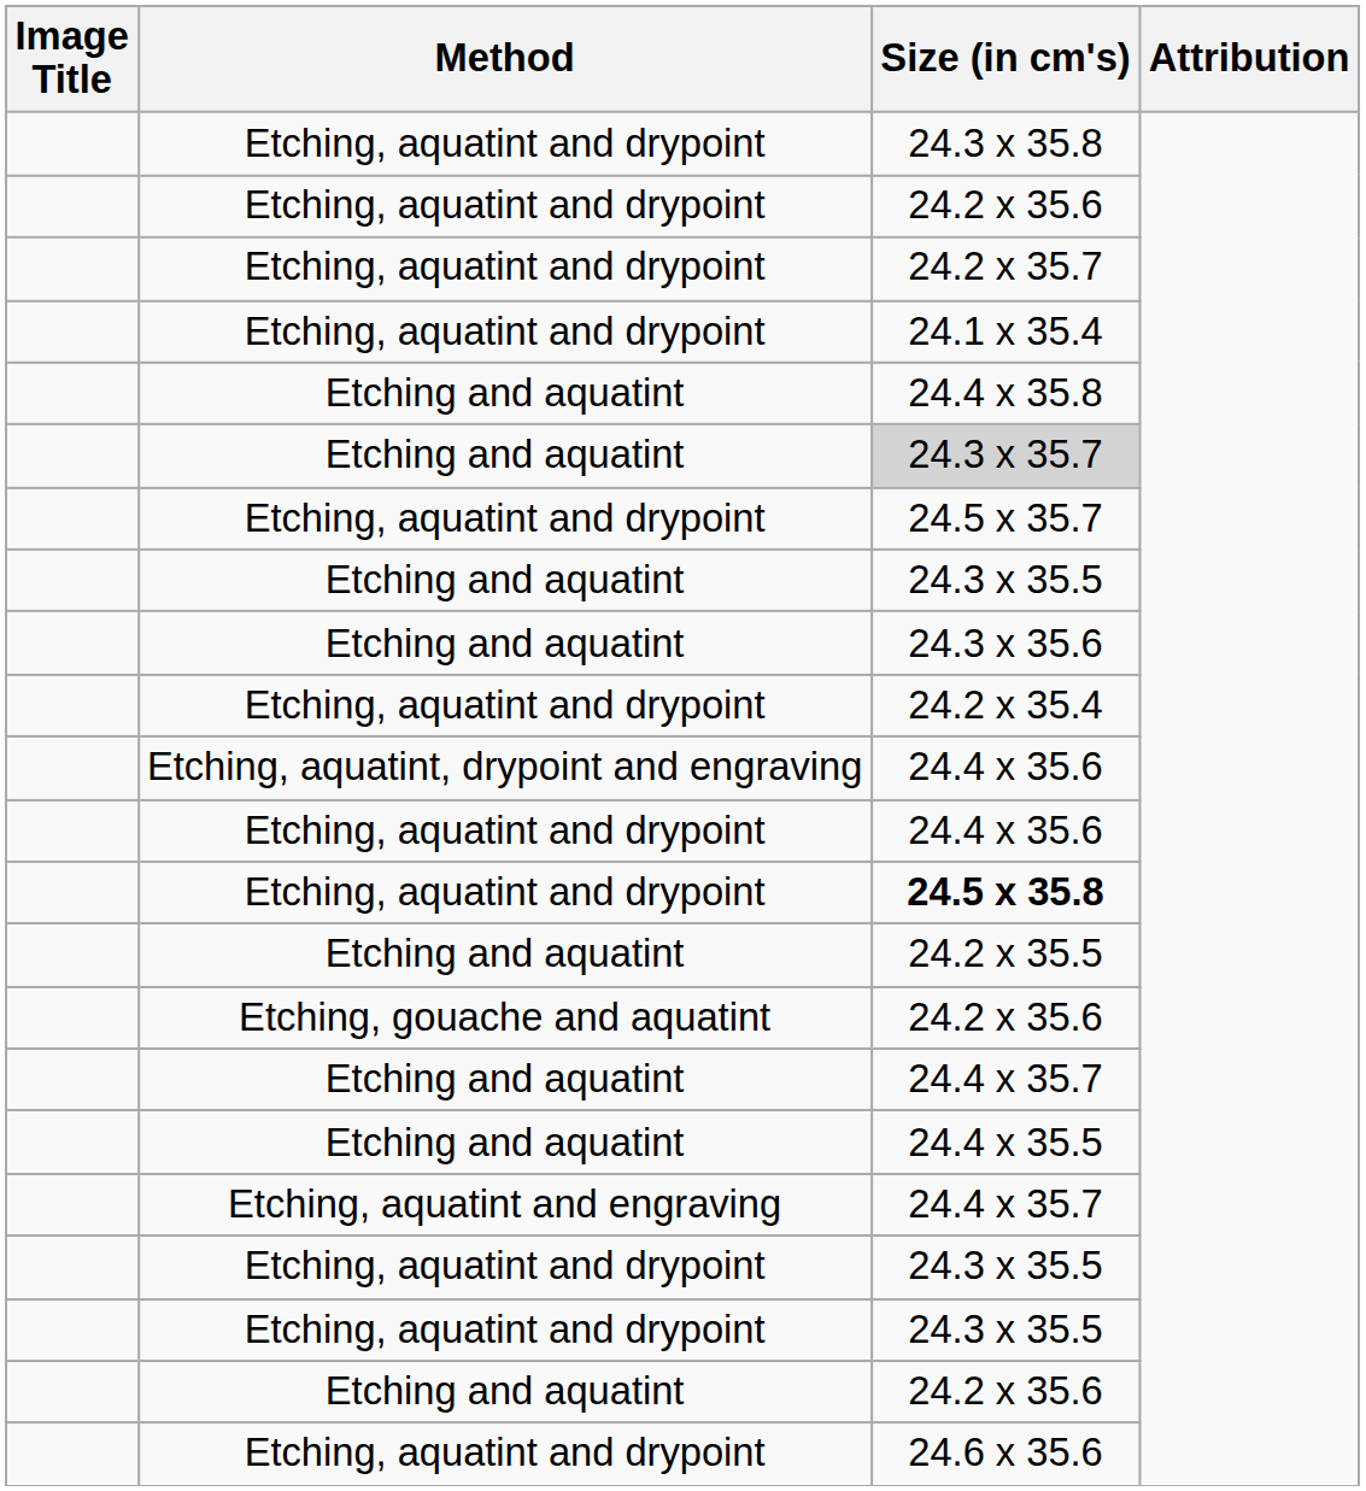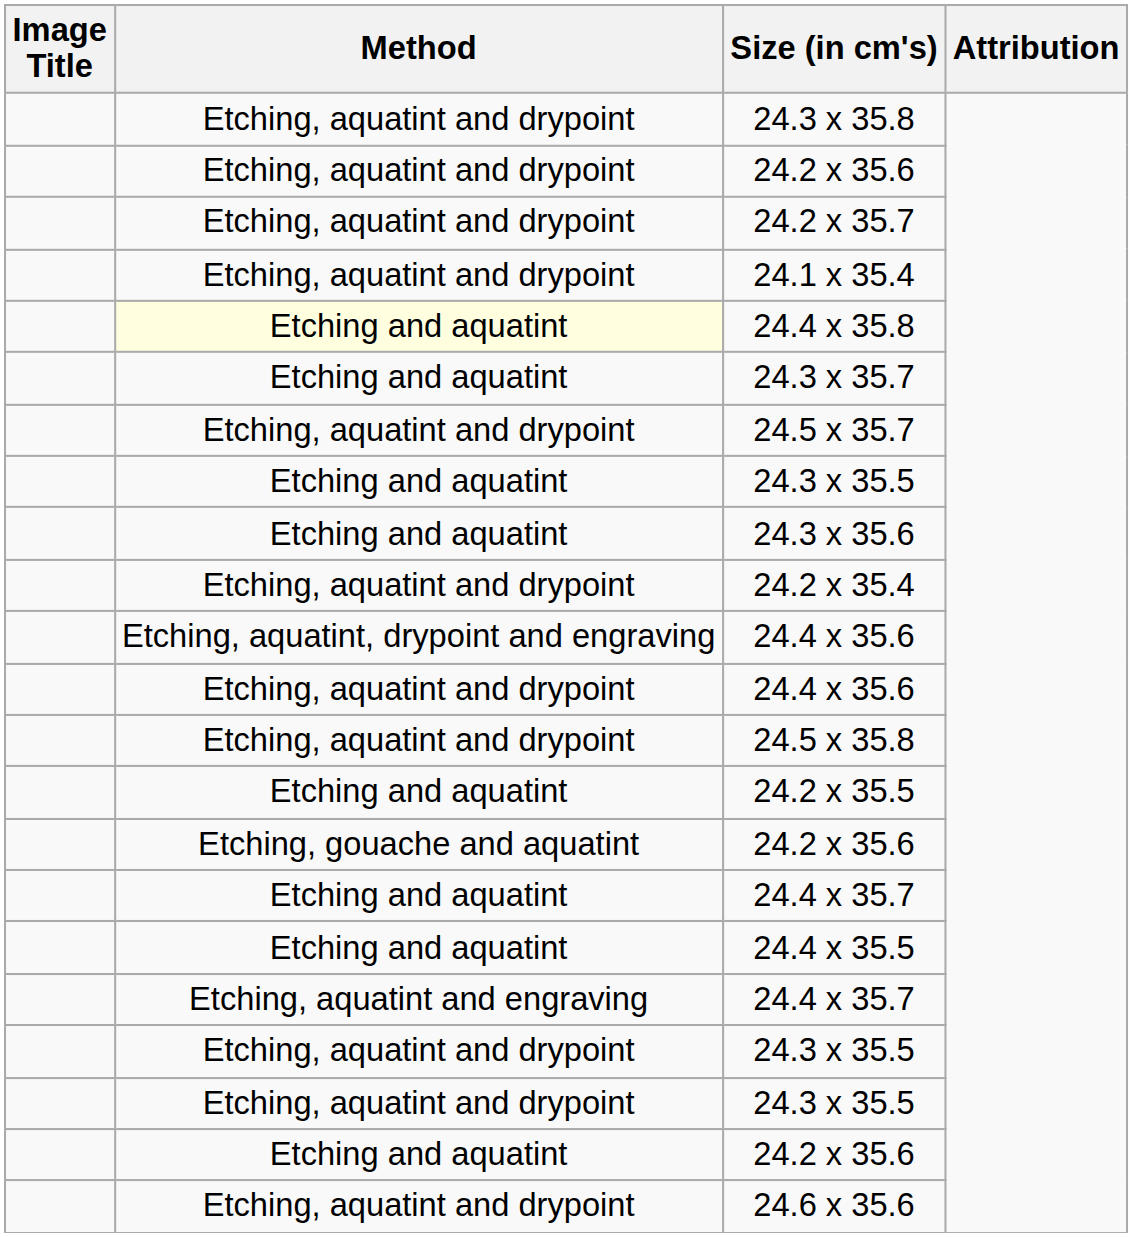 <table class="wikitable sortable" style="text-align: center">
 <tr>
 <th>Image<br>Title</th>
 <th>Method</th>
 <th>Size (in cm's)</th>
 <th>Attribution</th>
 </tr>
 <tr>
 <td></td>
 <td>Etching, aquatint and drypoint</td>
 <td>24.3 x 35.8</td>
 </tr>
 <tr>
 <td></td>
 <td>Etching, aquatint and drypoint</td>
 <td>24.2 x 35.6</td>
 </tr>
 <tr>
 <td></td>
 <td>Etching, aquatint and drypoint</td>
 <td>24.2 x 35.7</td>
 </tr>
 <tr>
 <td></td>
 <td>Etching, aquatint and drypoint</td>
 <td>24.1 x 35.4</td>
 </tr>
 <tr>
 <td></td>
-<td>Etching and aquatint</td>
+<td style="background: lightyellow;">Etching and aquatint</td>
 <td>24.4 x 35.8</td>
 </tr>
 <tr>
 <td></td>
 <td>Etching and aquatint</td>
-<td style="background: lightgrey;">24.3 x 35.7</td>
+<td>24.3 x 35.7</td>
 </tr>
 <tr>
 <td></td>
 <td>Etching, aquatint and drypoint</td>
 <td>24.5 x 35.7</td>
 </tr>
 <tr>
 <td></td>
 <td>Etching and aquatint</td>
 <td>24.3 x 35.5</td>
 </tr>
 <tr>
 <td></td>
 <td>Etching and aquatint</td>
 <td>24.3 x 35.6</td>
 </tr>
 <tr>
 <td></td>
 <td>Etching, aquatint and drypoint</td>
 <td>24.2 x 35.4</td>
 </tr>
 <tr>
 <td></td>
 <td>Etching, aquatint, drypoint and engraving</td>
 <td>24.4 x 35.6</td>
 </tr>
 <tr>
 <td></td>
 <td>Etching, aquatint and drypoint</td>
 <td>24.4 x 35.6</td>
 </tr>
 <tr>
 <td></td>
 <td>Etching, aquatint and drypoint</td>
-<td><strong>24.5 x 35.8</strong></td>
+<td>24.5 x 35.8</td>
 </tr>
 <tr>
 <td></td>
 <td>Etching and aquatint</td>
 <td>24.2 x 35.5</td>
 </tr>
 <tr>
 <td></td>
 <td>Etching, gouache and aquatint</td>
 <td>24.2 x 35.6</td>
 </tr>
 <tr>
 <td></td>
 <td>Etching and aquatint</td>
 <td>24.4 x 35.7</td>
 </tr>
 <tr>
 <td></td>
 <td>Etching and aquatint</td>
 <td>24.4 x 35.5</td>
 </tr>
 <tr>
 <td></td>
 <td>Etching, aquatint and engraving</td>
 <td>24.4 x 35.7</td>
 </tr>
 <tr>
 <td></td>
 <td>Etching, aquatint and drypoint</td>
 <td>24.3 x 35.5</td>
 </tr>
 <tr>
 <td></td>
 <td>Etching, aquatint and drypoint</td>
 <td>24.3 x 35.5</td>
 </tr>
 <tr>
 <td></td>
 <td>Etching and aquatint</td>
 <td>24.2 x 35.6</td>
 </tr>
 <tr>
 <td></td>
 <td>Etching, aquatint and drypoint</td>
 <td>24.6 x 35.6</td>
 </tr>
 <tr>
 </tr>
 </table>
